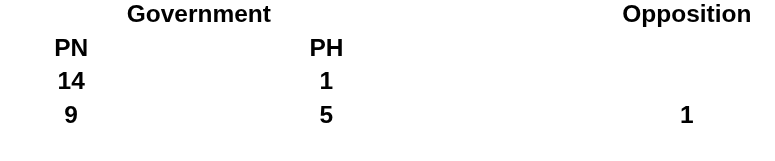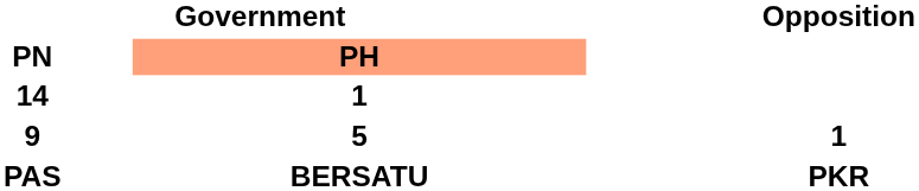 <table style="width:40em;">
 <tr style="text-align:center;">
 <td colspan="2" style="color:"><strong>Government</strong></td>
 <td colspan="1" style="color:"><strong>Opposition</strong></td>
 </tr>
 <tr style="text-align:center;">
 <td style="color:"><strong>PN</strong></td>
-<td style="color:"><strong>PH</strong></td>
+<td style="background: lightsalmon; color:"><strong>PH</strong></td>
 </tr>
 <tr style="text-align:center;">
 <td style="background:"><strong>14</strong></td>
 <td style="background:"><strong>1</strong></td>
 </tr>
 <tr style="text-align:center;">
 <td style="background:"><strong>9</strong></td>
 <td style="background:"><strong>5</strong></td>
 <td style="background:"><strong>1</strong></td>
 </tr>
+<tr style="text-align:center;">
+<td style="color:"><strong>PAS</strong></td>
+<td style="color:"><strong>BERSATU</strong></td>
+<td style="color:"><strong>PKR</strong></td>
+</tr>
 </table>
